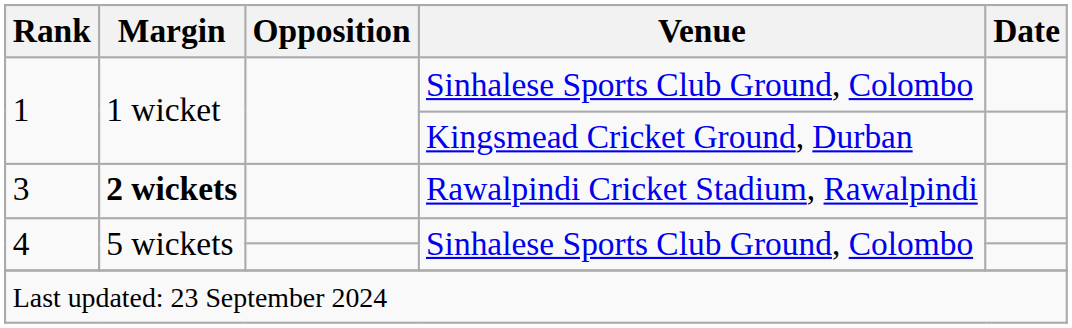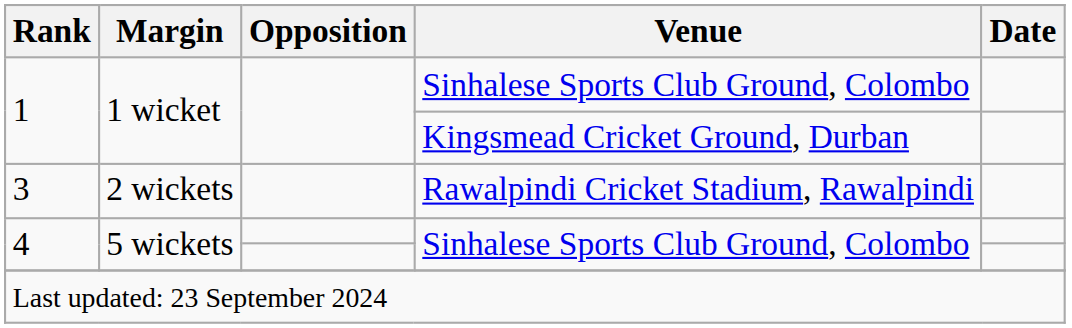 <table class="wikitable plainrowheaders sortable">
 <tr>
 <th scope=col>Rank</th>
 <th scope=col>Margin</th>
 <th scope=col>Opposition</th>
 <th scope=col>Venue</th>
 <th scope=col>Date</th>
 </tr>
 <tr>
 <td rowspan=2>1</td>
 <td rowspan=2>1 wicket</td>
 <td rowspan=2></td>
 <td><a href='#'>Sinhalese Sports Club Ground</a>, <a href='#'>Colombo</a></td>
 <td></td>
 </tr>
 <tr>
 <td><a href='#'>Kingsmead Cricket Ground</a>, <a href='#'>Durban</a></td>
 <td></td>
 </tr>
 <tr>
 <td>3</td>
-<td><strong>2 wickets</strong></td>
+<td>2 wickets</td>
 <td></td>
 <td><a href='#'>Rawalpindi Cricket Stadium</a>, <a href='#'>Rawalpindi</a></td>
 <td></td>
 </tr>
 <tr>
 <td rowspan=2>4</td>
 <td rowspan=2>5 wickets</td>
 <td></td>
 <td rowspan=2><a href='#'>Sinhalese Sports Club Ground</a>, <a href='#'>Colombo</a></td>
 <td></td>
 </tr>
 <tr>
 <td></td>
 <td></td>
 </tr>
 <tr>
 </tr>
 <tr class=sortbottom>
 <td colspan=5><small>Last updated: 23 September 2024</small></td>
 </tr>
 </table>
